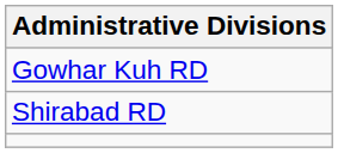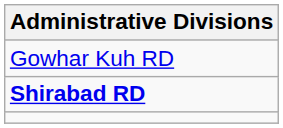 <table class="wikitable">
 <tr>
 <th>Administrative Divisions</th>
 </tr>
 <tr>
 <td><a href='#'>Gowhar Kuh RD</a></td>
 </tr>
 <tr>
-<td><a href='#'>Shirabad RD</a></td>
+<td><strong><a href='#'>Shirabad RD</a></strong></td>
 </tr>
 <tr>
 <td colspan=1></td>
 </tr>
 </table>
